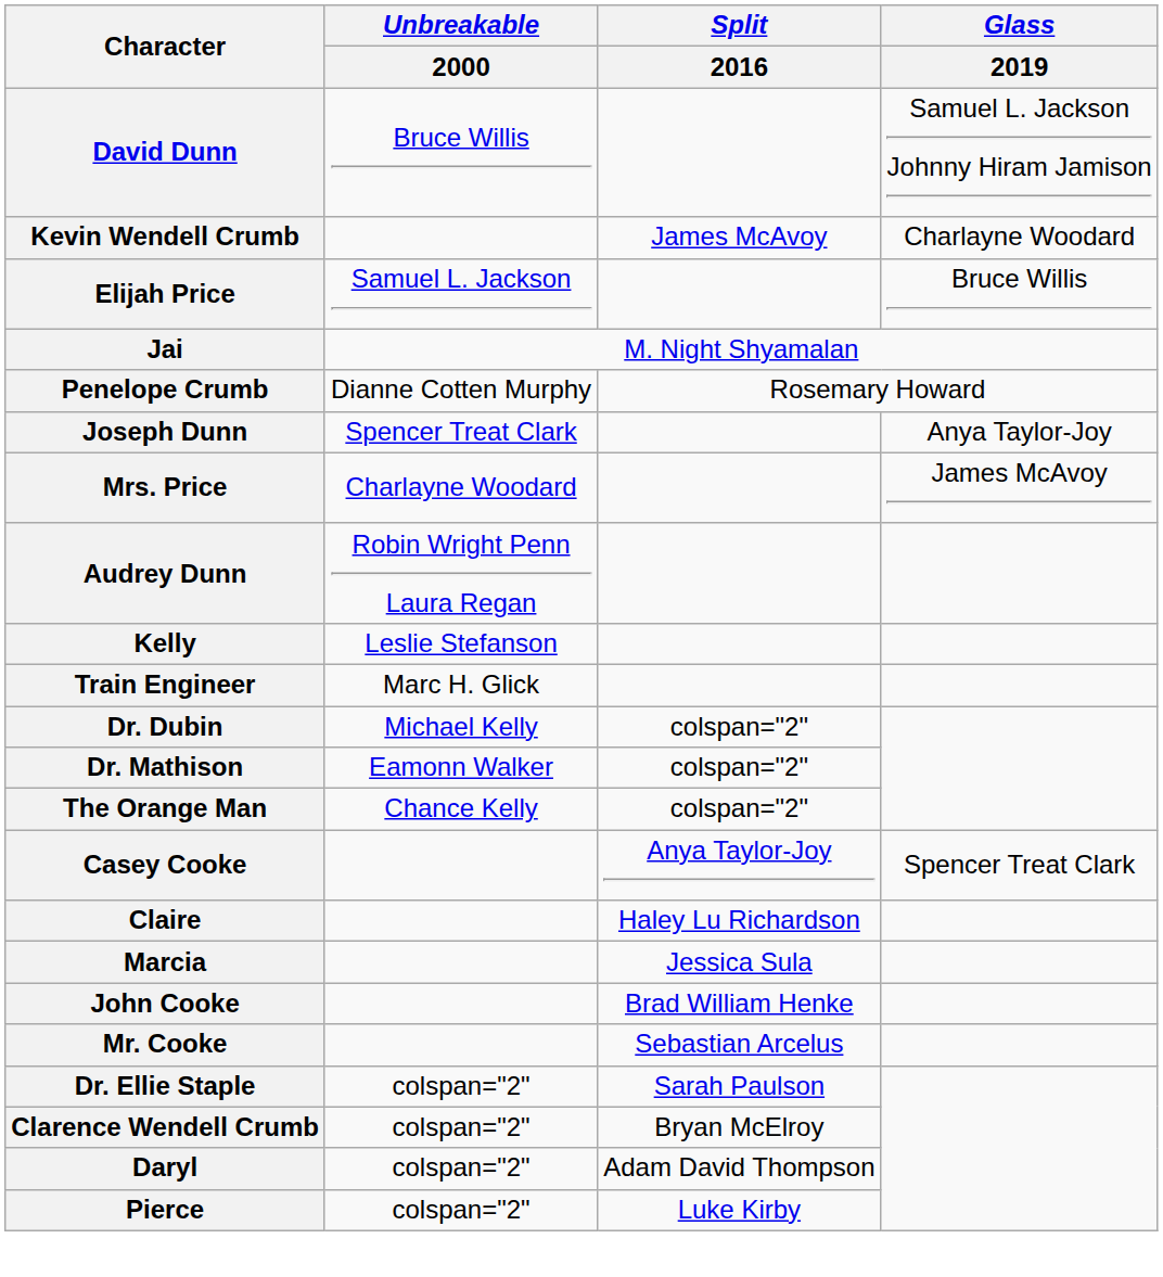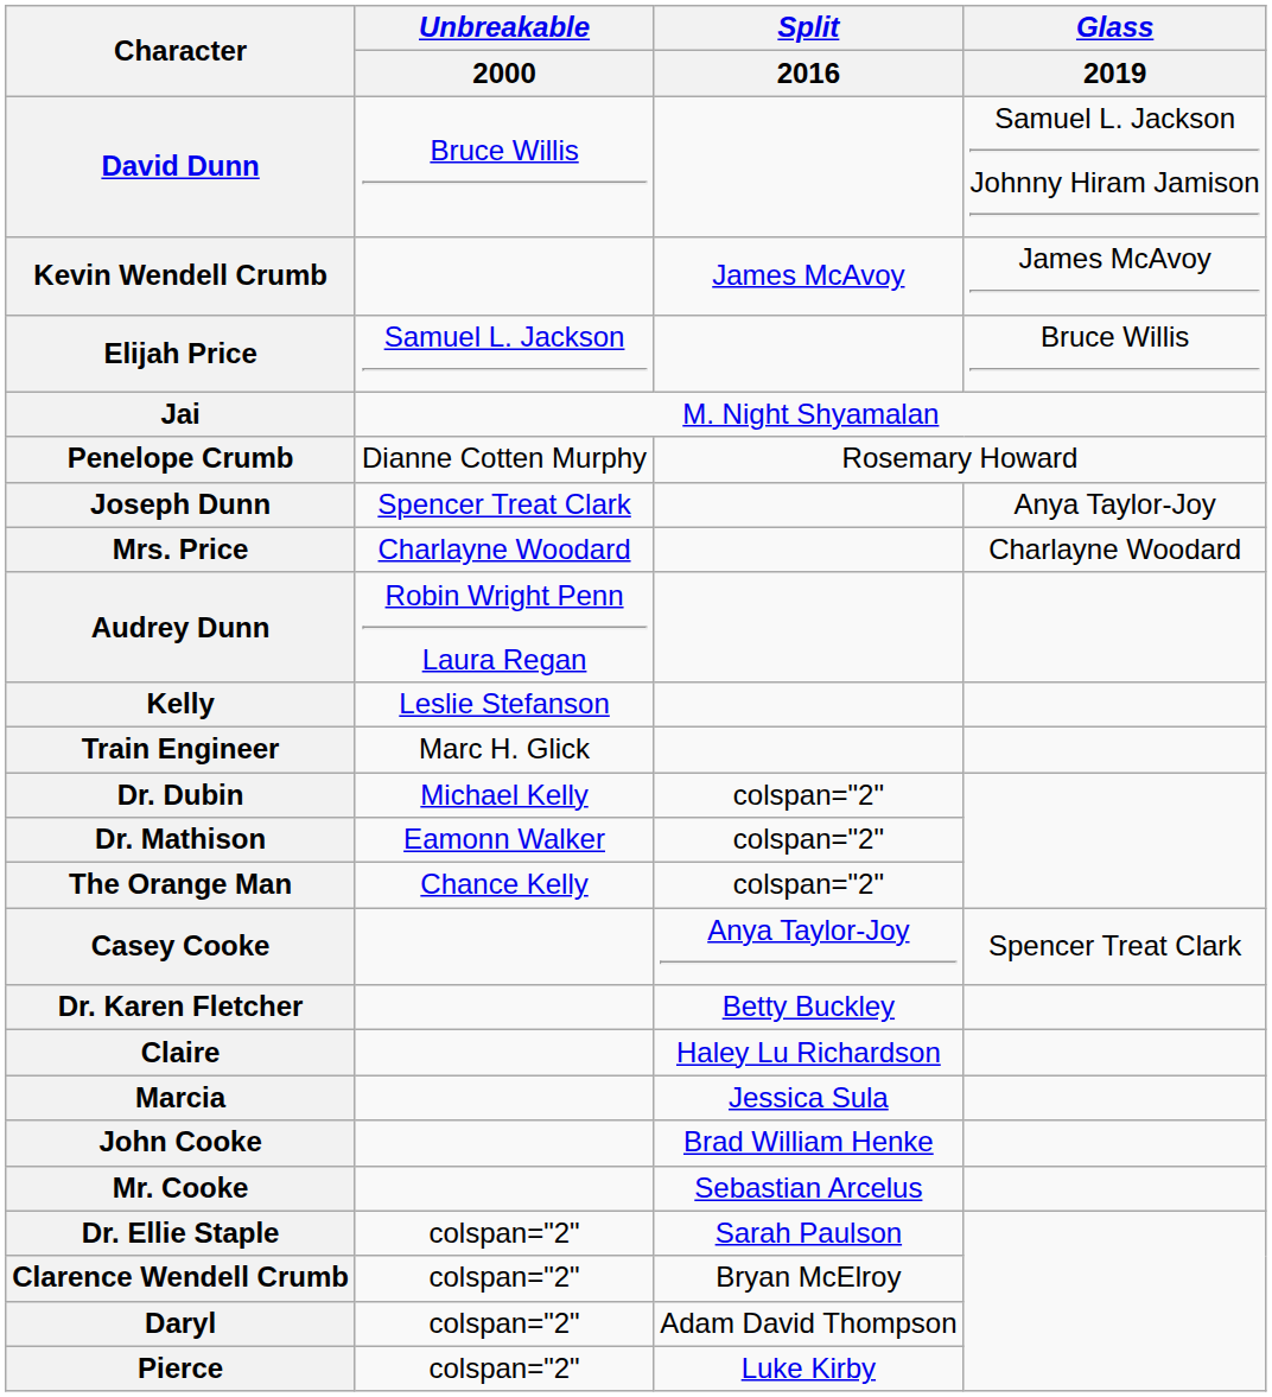 <table class="wikitable" style="text-align: center">
 <tr>
 <th rowspan="2">Character</th>
 <th style="text-align: center;"><em><a href='#'>Unbreakable</a></em></th>
 <th style="text-align: center;"><em><a href='#'>Split</a></em></th>
 <th style="text-align: center;"><em><a href='#'>Glass</a></em></th>
 </tr>
 <tr>
 <th>2000</th>
 <th>2016</th>
 <th>2019</th>
 </tr>
 <tr>
 <th scope="row"><a href='#'>David Dunn<br></a></th>
 <td><a href='#'>Bruce Willis</a><hr></td>
 <td></td>
 <td>Samuel L. Jackson<hr>Johnny Hiram Jamison<hr></td>
 </tr>
 <tr>
 <th>Kevin Wendell Crumb<br></th>
 <td></td>
 <td><a href='#'>James McAvoy</a></td>
-<td>Charlayne Woodard</td>
+<td>James McAvoy<hr></td>
 </tr>
 <tr>
 <th scope="row">Elijah Price<br></th>
 <td><a href='#'>Samuel L. Jackson</a><hr></td>
 <td></td>
 <td>Bruce Willis<hr></td>
 </tr>
 <tr>
 <th>Jai</th>
 <td colspan="3"><a href='#'>M. Night Shyamalan</a></td>
 </tr>
 <tr>
 <th>Penelope Crumb</th>
 <td>Dianne Cotten Murphy</td>
 <td colspan=2>Rosemary Howard</td>
 </tr>
 <tr>
 <th>Joseph Dunn</th>
 <td><a href='#'>Spencer Treat Clark</a></td>
 <td></td>
 <td>Anya Taylor-Joy</td>
 </tr>
 <tr>
 <th>Mrs. Price</th>
 <td><a href='#'>Charlayne Woodard</a></td>
 <td></td>
-<td>James McAvoy<hr></td>
+<td>Charlayne Woodard</td>
 </tr>
 <tr>
 <th>Audrey Dunn</th>
 <td><a href='#'>Robin Wright Penn</a><hr><a href='#'>Laura Regan</a></td>
 <td></td>
 <td></td>
 </tr>
 <tr>
 <th>Kelly<br></th>
 <td><a href='#'>Leslie Stefanson</a></td>
 <td></td>
 <td></td>
 </tr>
 <tr>
 <th>Train Engineer</th>
 <td>Marc H. Glick</td>
 <td></td>
 <td></td>
 </tr>
 <tr>
 <th>Dr. Dubin</th>
 <td><a href='#'>Michael Kelly</a></td>
 <td>colspan="2" </td>
 </tr>
 <tr>
 <th>Dr. Mathison</th>
 <td><a href='#'>Eamonn Walker</a></td>
 <td>colspan="2" </td>
 </tr>
 <tr>
 <th>The Orange Man</th>
 <td><a href='#'>Chance Kelly</a></td>
 <td>colspan="2" </td>
 </tr>
 <tr>
 <th>Casey Cooke</th>
 <td></td>
 <td><a href='#'>Anya Taylor-Joy</a><hr></td>
 <td>Spencer Treat Clark</td>
+</tr>
+<tr>
+<th>Dr. Karen Fletcher</th>
+<td></td>
+<td><a href='#'>Betty Buckley</a></td>
+<td></td>
 </tr>
 <tr>
 <th>Claire</th>
 <td></td>
 <td><a href='#'>Haley Lu Richardson</a></td>
 <td></td>
 </tr>
 <tr>
 <th>Marcia</th>
 <td></td>
 <td><a href='#'>Jessica Sula</a></td>
 <td></td>
 </tr>
 <tr>
 <th>John Cooke</th>
 <td></td>
 <td><a href='#'>Brad William Henke</a></td>
 <td></td>
 </tr>
 <tr>
 <th>Mr. Cooke</th>
 <td></td>
 <td><a href='#'>Sebastian Arcelus</a></td>
 <td></td>
 </tr>
 <tr>
 <th>Dr. Ellie Staple</th>
 <td>colspan="2" </td>
 <td><a href='#'>Sarah Paulson</a></td>
 </tr>
 <tr>
 <th>Clarence Wendell Crumb</th>
 <td>colspan="2" </td>
 <td>Bryan McElroy</td>
 </tr>
 <tr>
 <th>Daryl</th>
 <td>colspan="2" </td>
 <td>Adam David Thompson</td>
 </tr>
 <tr>
 <th>Pierce</th>
 <td>colspan="2" </td>
 <td><a href='#'>Luke Kirby</a></td>
 </tr>
 </table>
